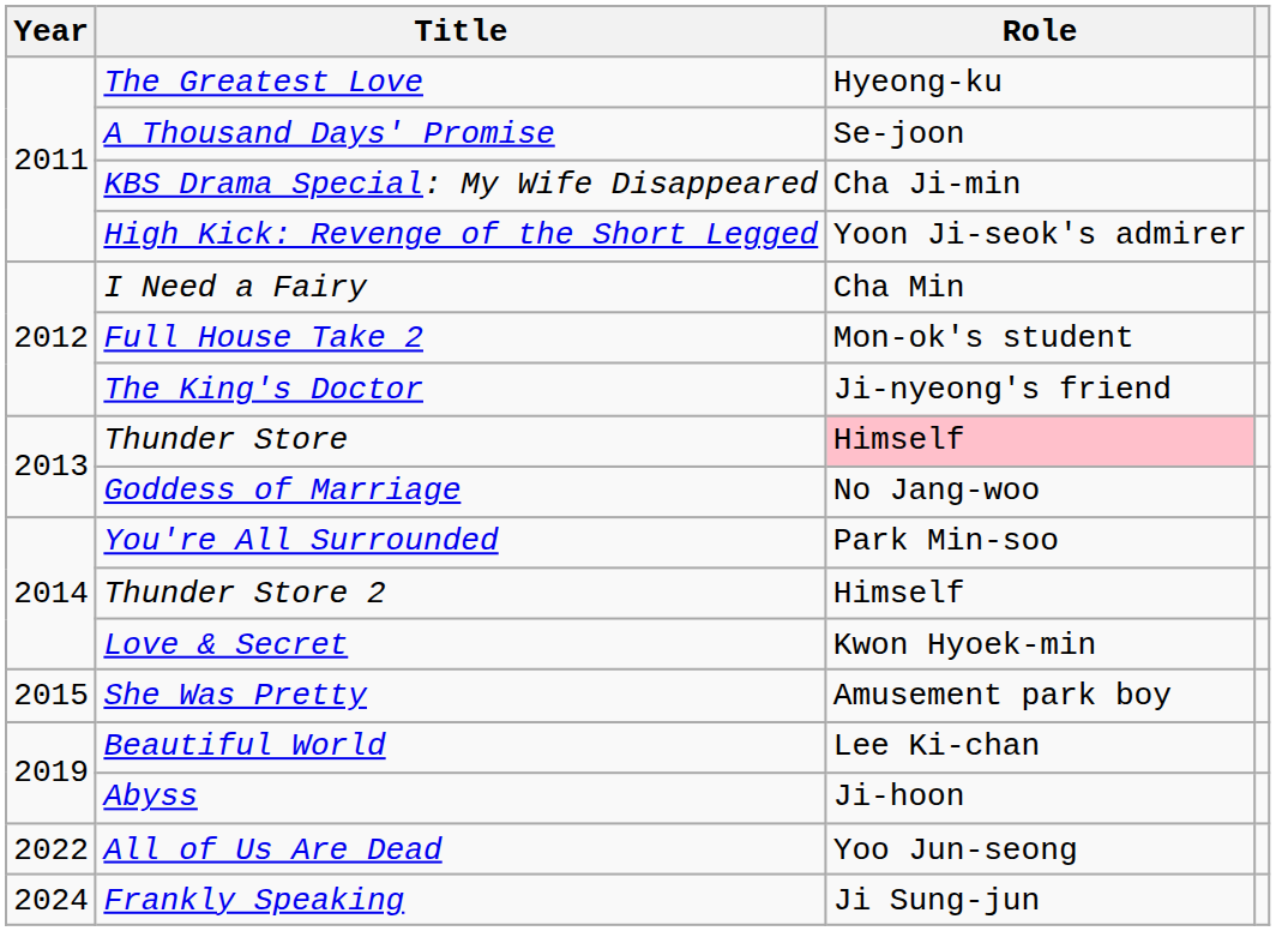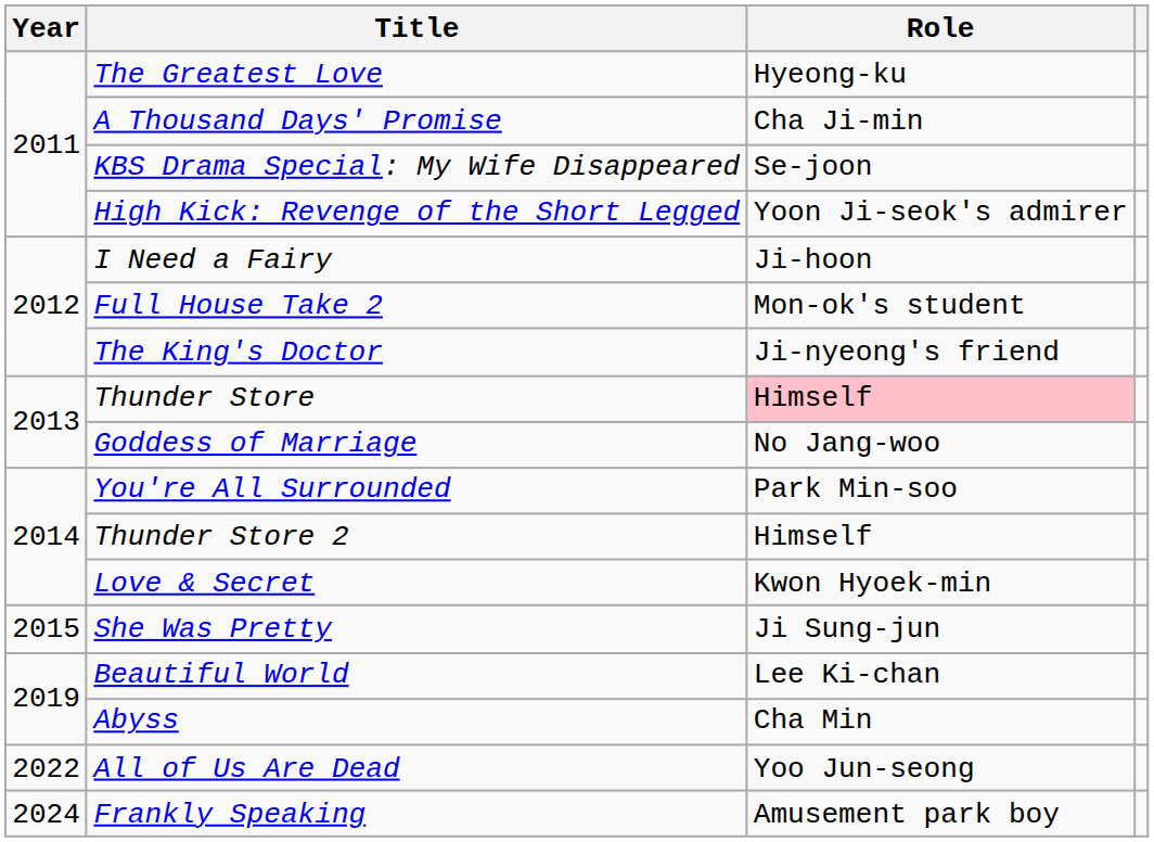 <table class="wikitable">
 <tr>
 <th>Year</th>
 <th>Title</th>
 <th>Role</th>
 <th></th>
 </tr>
 <tr>
 <td rowspan=4>2011</td>
 <td><em><a href='#'>The Greatest Love</a></em></td>
 <td>Hyeong-ku</td>
 <td></td>
 </tr>
 <tr>
 <td><em><a href='#'>A Thousand Days' Promise</a></em></td>
-<td>Se-joon</td>
+<td>Cha Ji-min</td>
 <td></td>
 </tr>
 <tr>
 <td><em><a href='#'>KBS Drama Special</a>: My Wife Disappeared</em></td>
-<td>Cha Ji-min</td>
+<td>Se-joon</td>
 <td></td>
 </tr>
 <tr>
 <td><em><a href='#'>High Kick: Revenge of the Short Legged</a></em></td>
 <td>Yoon Ji-seok's admirer</td>
 <td></td>
 </tr>
 <tr>
 <td rowspan=3>2012</td>
 <td><em>I Need a Fairy</em></td>
-<td>Cha Min</td>
+<td>Ji-hoon</td>
 <td></td>
 </tr>
 <tr>
 <td><em><a href='#'>Full House Take 2</a></em></td>
 <td>Mon-ok's student</td>
 <td></td>
 </tr>
 <tr>
 <td><em><a href='#'>The King's Doctor</a></em></td>
 <td>Ji-nyeong's friend</td>
 <td></td>
 </tr>
 <tr>
 <td rowspan=2>2013</td>
 <td><em>Thunder Store</em></td>
 <td style="background: pink;">Himself</td>
 <td></td>
 </tr>
 <tr>
 <td><em><a href='#'>Goddess of Marriage</a></em></td>
 <td>No Jang-woo</td>
 <td></td>
 </tr>
 <tr>
 <td rowspan=3>2014</td>
 <td><em><a href='#'>You're All Surrounded</a></em></td>
 <td>Park Min-soo</td>
 <td></td>
 </tr>
 <tr>
 <td><em>Thunder Store 2</em></td>
 <td>Himself</td>
 <td></td>
 </tr>
 <tr>
 <td><em><a href='#'>Love & Secret</a></em></td>
 <td>Kwon Hyoek-min</td>
 <td></td>
 </tr>
 <tr>
 <td>2015</td>
 <td><em><a href='#'>She Was Pretty</a></em></td>
-<td>Amusement park boy</td>
+<td>Ji Sung-jun</td>
 <td></td>
 </tr>
 <tr>
 <td rowspan=2>2019</td>
 <td><em><a href='#'>Beautiful World</a></em></td>
 <td>Lee Ki-chan</td>
 <td></td>
 </tr>
 <tr>
 <td><em><a href='#'>Abyss</a></em></td>
-<td>Ji-hoon</td>
+<td>Cha Min</td>
 <td></td>
 </tr>
 <tr>
 <td>2022</td>
 <td><em><a href='#'>All of Us Are Dead</a></em></td>
 <td>Yoo Jun-seong</td>
 <td></td>
 </tr>
 <tr>
 <td>2024</td>
 <td><em><a href='#'>Frankly Speaking</a></em></td>
-<td>Ji Sung-jun</td>
+<td>Amusement park boy</td>
 <td></td>
 </tr>
 </table>
